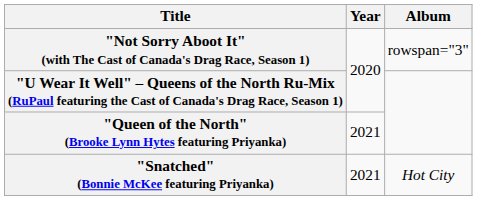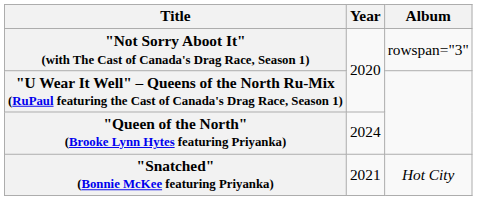 <table class="wikitable plainrowheaders" style="text-align:center;">
 <tr>
 <th scope="col">Title</th>
 <th scope="col">Year</th>
 <th scope="col">Album</th>
 </tr>
 <tr>
 <th scope="row">"Not Sorry Aboot It" <br> <small>(with The Cast of Canada's Drag Race, Season 1)</small></th>
 <td rowspan="2">2020</td>
 <td>rowspan="3" </td>
 </tr>
 <tr>
 <th scope="row">"U Wear It Well" – Queens of the North Ru-Mix <br> <small>(<a href='#'>RuPaul</a> featuring the Cast of Canada's Drag Race, Season 1)</small></th>
 </tr>
 <tr>
 <th scope="row">"Queen of the North" <br> <small>(<a href='#'>Brooke Lynn Hytes</a> featuring Priyanka)</small></th>
-<td>2021</td>
+<td>2024</td>
 </tr>
 <tr>
 <th scope="row">"Snatched" <br> <small>(<a href='#'>Bonnie McKee</a> featuring Priyanka)</small></th>
 <td>2021</td>
 <td><em>Hot City</em></td>
 </tr>
 </table>
